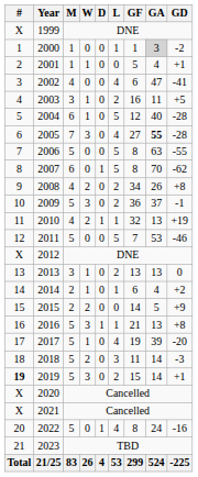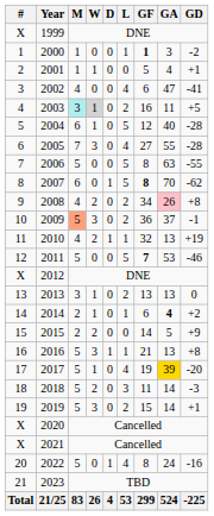 <table class="wikitable sortable" style="text-align:center">
 <tr>
 <th>#</th>
 <th>Year</th>
 <th>M</th>
 <th>W</th>
 <th>D</th>
 <th>L</th>
 <th>GF</th>
 <th>GA</th>
 <th>GD</th>
 </tr>
 <tr>
 <td>X</td>
 <td>1999</td>
 <td colspan=7>DNE</td>
 </tr>
 <tr>
 <td>1</td>
 <td>2000</td>
 <td>1</td>
 <td>0</td>
 <td>0</td>
 <td>1</td>
-<td>1</td>
-<td style="background: lightgrey;">3</td>
+<td><strong>1</strong></td>
+<td>3</td>
 <td>-2</td>
 </tr>
 <tr>
 <td>2</td>
 <td>2001</td>
 <td>1</td>
 <td>1</td>
 <td>0</td>
 <td>0</td>
 <td>5</td>
 <td>4</td>
 <td>+1</td>
 </tr>
 <tr>
 <td>3</td>
 <td>2002</td>
 <td>4</td>
 <td>0</td>
 <td>0</td>
 <td>4</td>
 <td>6</td>
 <td>47</td>
 <td>-41</td>
 </tr>
 <tr>
 <td>4</td>
 <td>2003</td>
-<td>3</td>
-<td>1</td>
+<td style="background: paleturquoise;">3</td>
+<td style="background: lightgrey;">1</td>
 <td>0</td>
 <td>2</td>
 <td>16</td>
 <td>11</td>
 <td>+5</td>
 </tr>
 <tr>
 <td>5</td>
 <td>2004</td>
 <td>6</td>
 <td>1</td>
 <td>0</td>
 <td>5</td>
 <td>12</td>
 <td>40</td>
 <td>-28</td>
 </tr>
 <tr>
 <td>6</td>
 <td>2005</td>
 <td>7</td>
 <td>3</td>
 <td>0</td>
 <td>4</td>
 <td>27</td>
-<td><strong>55</strong></td>
+<td>55</td>
 <td>-28</td>
 </tr>
 <tr>
 <td>7</td>
 <td>2006</td>
 <td>5</td>
 <td>0</td>
 <td>0</td>
 <td>5</td>
 <td>8</td>
 <td>63</td>
 <td>-55</td>
 </tr>
 <tr>
 <td>8</td>
 <td>2007</td>
 <td>6</td>
 <td>0</td>
 <td>1</td>
 <td>5</td>
-<td>8</td>
+<td><strong>8</strong></td>
 <td>70</td>
 <td>-62</td>
 </tr>
 <tr>
 <td>9</td>
 <td>2008</td>
 <td>4</td>
 <td>2</td>
 <td>0</td>
 <td>2</td>
 <td>34</td>
-<td>26</td>
+<td style="background: pink;">26</td>
 <td>+8</td>
 </tr>
 <tr>
 <td>10</td>
 <td>2009</td>
-<td>5</td>
+<td style="background: lightsalmon;">5</td>
 <td>3</td>
 <td>0</td>
 <td>2</td>
 <td>36</td>
 <td>37</td>
 <td>-1</td>
 </tr>
 <tr>
 <td>11</td>
 <td>2010</td>
 <td>4</td>
 <td>2</td>
 <td>1</td>
 <td>1</td>
 <td>32</td>
 <td>13</td>
 <td>+19</td>
 </tr>
 <tr>
 <td>12</td>
 <td>2011</td>
 <td>5</td>
 <td>0</td>
 <td>0</td>
 <td>5</td>
-<td>7</td>
+<td><strong>7</strong></td>
 <td>53</td>
 <td>-46</td>
 </tr>
 <tr>
 <td>X</td>
 <td>2012</td>
 <td colspan=7>DNE</td>
 </tr>
 <tr>
 <td>13</td>
 <td>2013</td>
 <td>3</td>
 <td>1</td>
 <td>0</td>
 <td>2</td>
 <td>13</td>
 <td>13</td>
 <td>0</td>
 </tr>
 <tr>
 <td>14</td>
 <td>2014</td>
 <td>2</td>
 <td>1</td>
 <td>0</td>
 <td>1</td>
 <td>6</td>
-<td>4</td>
+<td><strong>4</strong></td>
 <td>+2</td>
 </tr>
 <tr>
 <td>15</td>
 <td>2015</td>
 <td>2</td>
 <td>2</td>
 <td>0</td>
 <td>0</td>
 <td>14</td>
 <td>5</td>
 <td>+9</td>
 </tr>
 <tr>
 <td>16</td>
 <td>2016</td>
 <td>5</td>
 <td>3</td>
 <td>1</td>
 <td>1</td>
 <td>21</td>
 <td>13</td>
 <td>+8</td>
 </tr>
 <tr>
 <td>17</td>
 <td>2017</td>
 <td>5</td>
 <td>1</td>
 <td>0</td>
 <td>4</td>
 <td>19</td>
-<td>39</td>
+<td style="background: gold;">39</td>
 <td>-20</td>
 </tr>
 <tr>
 <td>18</td>
 <td>2018</td>
 <td>5</td>
 <td>2</td>
 <td>0</td>
 <td>3</td>
 <td>11</td>
 <td>14</td>
 <td>-3</td>
 </tr>
 <tr>
-<td><strong>19</strong></td>
+<td>19</td>
 <td>2019</td>
 <td>5</td>
 <td>3</td>
 <td>0</td>
 <td>2</td>
 <td>15</td>
 <td>14</td>
 <td>+1</td>
 </tr>
 <tr>
 <td>X</td>
 <td>2020</td>
 <td colspan=7>Cancelled</td>
 </tr>
 <tr>
 <td>X</td>
 <td>2021</td>
 <td colspan=7>Cancelled</td>
 </tr>
 <tr>
 <td>20</td>
 <td>2022</td>
 <td>5</td>
 <td>0</td>
 <td>1</td>
 <td>4</td>
 <td>8</td>
 <td>24</td>
 <td>-16</td>
 </tr>
 <tr>
 <td>21</td>
 <td>2023</td>
 <td colspan=7>TBD</td>
 </tr>
 <tr>
 <th><strong>Total</strong></th>
 <th>21/25</th>
 <th>83</th>
 <th>26</th>
 <th>4</th>
 <th>53</th>
 <th>299</th>
 <th>524</th>
 <th>-225</th>
 </tr>
 </table>
